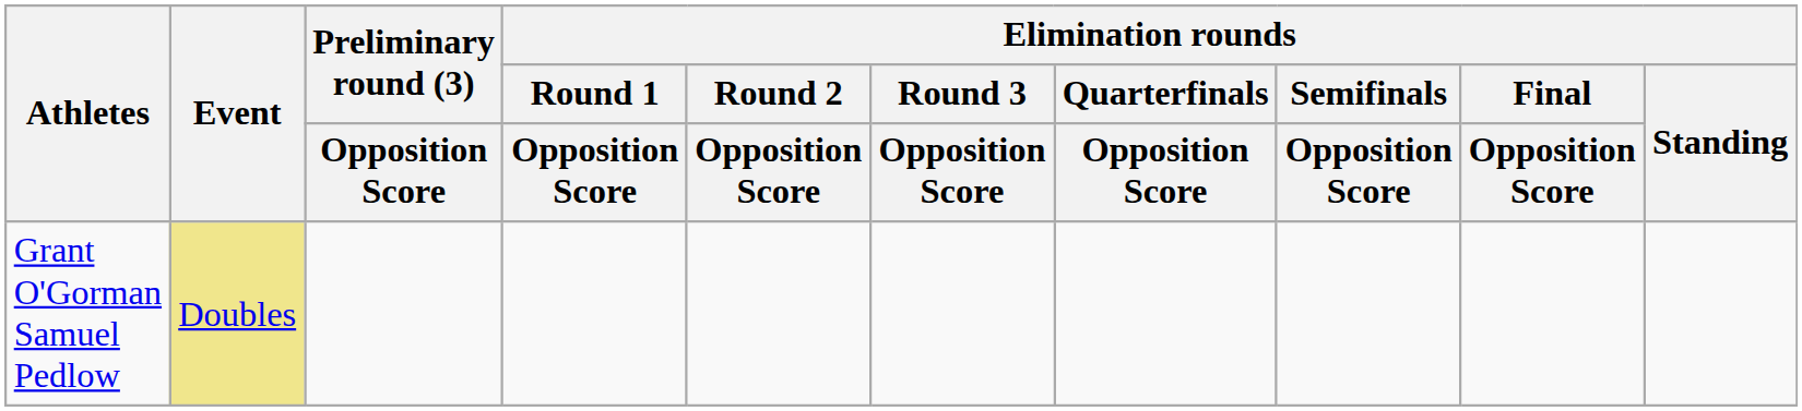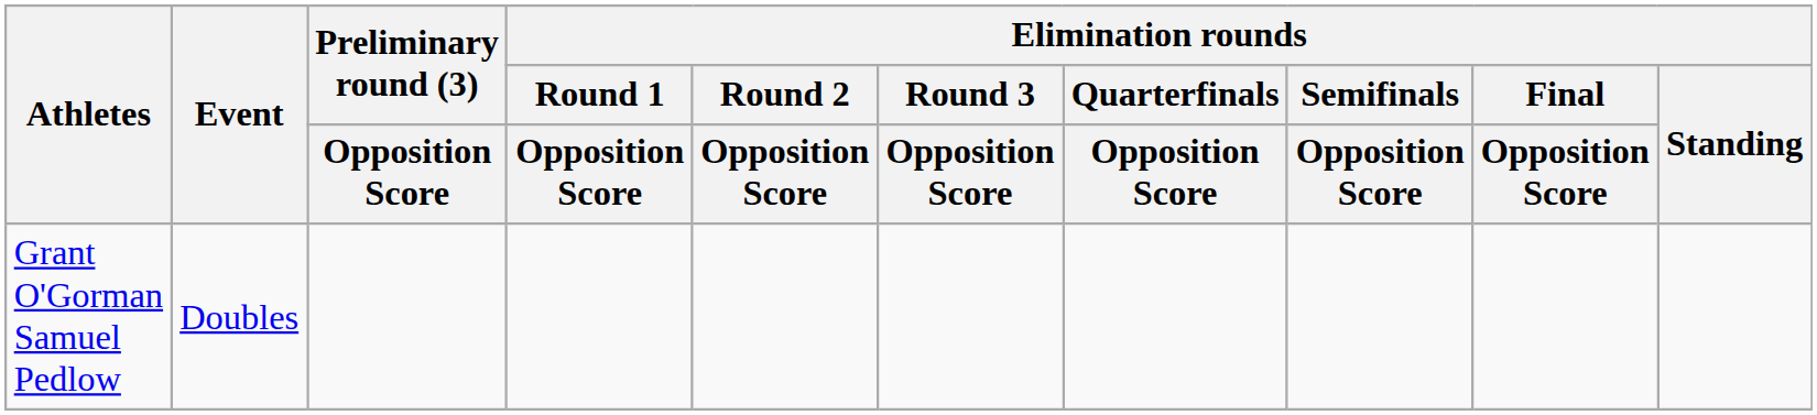 <table class="wikitable" border="1" style="font-size:90%">
 <tr>
 <th rowspan=3>Athletes</th>
 <th rowspan=3>Event</th>
 <th rowspan=2>Preliminary round (3)</th>
 <th colspan=7>Elimination rounds</th>
 </tr>
 <tr>
 <th>Round 1</th>
 <th>Round 2</th>
 <th>Round 3</th>
 <th>Quarterfinals</th>
 <th>Semifinals</th>
 <th>Final</th>
 <th rowspan=2>Standing</th>
 </tr>
 <tr>
 <th>Opposition <br> Score</th>
 <th>Opposition <br> Score</th>
 <th>Opposition <br> Score</th>
 <th>Opposition <br> Score</th>
 <th>Opposition <br> Score</th>
 <th>Opposition <br> Score</th>
 <th>Opposition <br> Score</th>
 </tr>
 <tr>
 <td><a href='#'>Grant O'Gorman</a> <br> <a href='#'>Samuel Pedlow</a></td>
-<td style="background: khaki;"><a href='#'>Doubles</a></td>
+<td><a href='#'>Doubles</a></td>
 <td></td>
 <td></td>
 <td></td>
 <td></td>
 <td></td>
 <td></td>
 <td></td>
 <td></td>
 </tr>
 </table>
